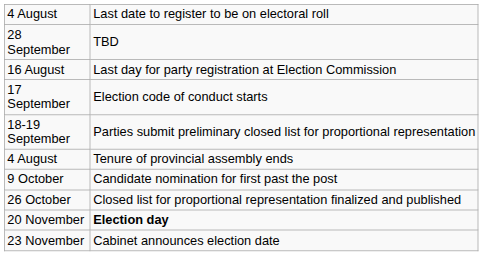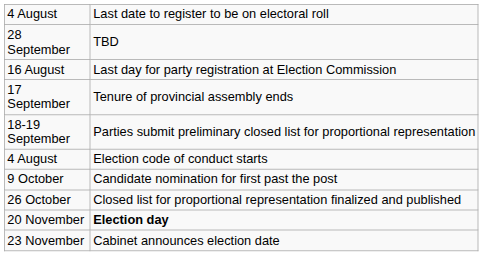 <table class="wikitable">
 <tr>
 <td style="width: 100px;">4 August</td>
 <td>Last date to register to be on electoral roll</td>
 </tr>
 <tr>
 <td>28 September</td>
 <td>TBD</td>
 </tr>
 <tr>
 <td>16 August</td>
 <td>Last day for party registration at Election Commission</td>
 </tr>
 <tr>
 <td>17 September</td>
-<td>Election code of conduct starts</td>
+<td>Tenure of provincial assembly ends</td>
 </tr>
 <tr>
 <td>18-19 September</td>
 <td>Parties submit preliminary closed list for proportional representation</td>
 </tr>
 <tr>
 <td>4 August</td>
-<td>Tenure of provincial assembly ends</td>
+<td>Election code of conduct starts</td>
 </tr>
 <tr>
 <td>9 October</td>
 <td>Candidate nomination for first past the post</td>
 </tr>
 <tr>
 <td>26 October</td>
 <td>Closed list for proportional representation finalized and published</td>
 </tr>
 <tr>
 <td>20 November</td>
 <td><strong>Election day</strong></td>
 </tr>
 <tr>
 <td>23 November</td>
 <td>Cabinet announces election date</td>
 </tr>
 </table>
